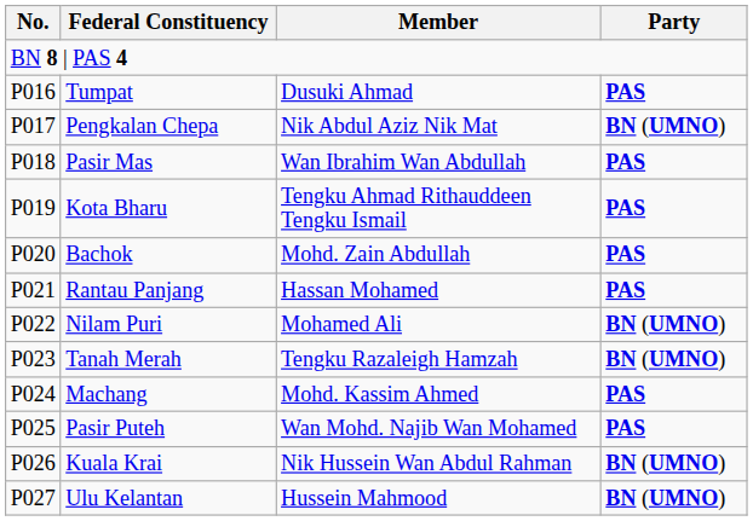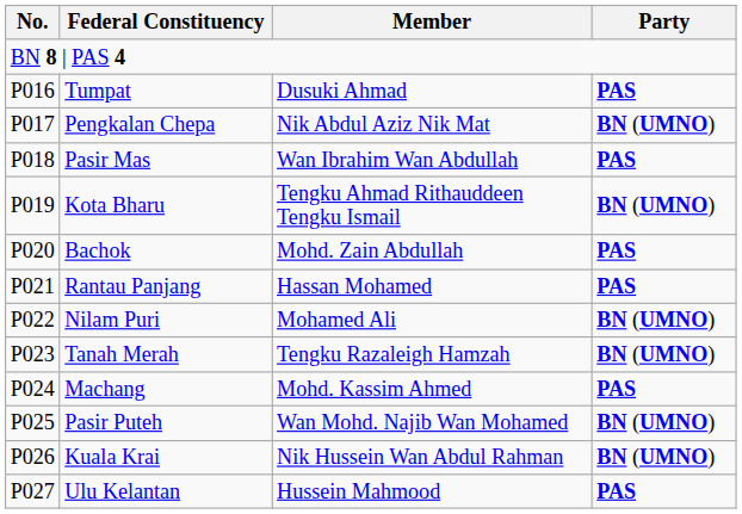 <table class="wikitable sortable">
 <tr>
 <th style="width:30px;">No.</th>
 <th style="width:150px;">Federal Constituency</th>
 <th style="width:230px;">Member</th>
 <th style="width:100px;">Party</th>
 </tr>
 <tr>
 <td colspan="4"><a href='#'>BN</a> <strong>8</strong> | <a href='#'>PAS</a> <strong>4</strong></td>
 </tr>
 <tr>
 <td>P016</td>
 <td><a href='#'>Tumpat</a></td>
 <td><a href='#'>Dusuki Ahmad</a></td>
 <td><strong><a href='#'>PAS</a></strong></td>
 </tr>
 <tr>
 <td>P017</td>
 <td><a href='#'>Pengkalan Chepa</a></td>
 <td><a href='#'>Nik Abdul Aziz Nik Mat</a></td>
 <td><strong><a href='#'>BN</a></strong> (<strong><a href='#'>UMNO</a></strong>)</td>
 </tr>
 <tr>
 <td>P018</td>
 <td><a href='#'>Pasir Mas</a></td>
 <td><a href='#'>Wan Ibrahim Wan Abdullah</a></td>
 <td><strong><a href='#'>PAS</a></strong></td>
 </tr>
 <tr>
 <td>P019</td>
 <td><a href='#'>Kota Bharu</a></td>
 <td><a href='#'>Tengku Ahmad Rithauddeen Tengku Ismail</a></td>
-<td><strong><a href='#'>PAS</a></strong></td>
+<td><strong><a href='#'>BN</a></strong> (<strong><a href='#'>UMNO</a></strong>)</td>
 </tr>
 <tr>
 <td>P020</td>
 <td><a href='#'>Bachok</a></td>
 <td><a href='#'>Mohd. Zain Abdullah</a></td>
 <td><strong><a href='#'>PAS</a></strong></td>
 </tr>
 <tr>
 <td>P021</td>
 <td><a href='#'>Rantau Panjang</a></td>
 <td><a href='#'>Hassan Mohamed</a></td>
 <td><strong><a href='#'>PAS</a></strong></td>
 </tr>
 <tr>
 <td>P022</td>
 <td><a href='#'>Nilam Puri</a></td>
 <td><a href='#'>Mohamed Ali</a></td>
 <td><strong><a href='#'>BN</a></strong> (<strong><a href='#'>UMNO</a></strong>)</td>
 </tr>
 <tr>
 <td>P023</td>
 <td><a href='#'>Tanah Merah</a></td>
 <td><a href='#'>Tengku Razaleigh Hamzah</a></td>
 <td><strong><a href='#'>BN</a></strong> (<strong><a href='#'>UMNO</a></strong>)</td>
 </tr>
 <tr>
 <td>P024</td>
 <td><a href='#'>Machang</a></td>
 <td><a href='#'>Mohd. Kassim Ahmed</a></td>
 <td><strong><a href='#'>PAS</a></strong></td>
 </tr>
 <tr>
 <td>P025</td>
 <td><a href='#'>Pasir Puteh</a></td>
 <td><a href='#'>Wan Mohd. Najib Wan Mohamed</a></td>
-<td><strong><a href='#'>PAS</a></strong></td>
+<td><strong><a href='#'>BN</a></strong> (<strong><a href='#'>UMNO</a></strong>)</td>
 </tr>
 <tr>
 <td>P026</td>
 <td><a href='#'>Kuala Krai</a></td>
 <td><a href='#'>Nik Hussein Wan Abdul Rahman</a></td>
 <td><strong><a href='#'>BN</a></strong> (<strong><a href='#'>UMNO</a></strong>)</td>
 </tr>
 <tr>
 <td>P027</td>
 <td><a href='#'>Ulu Kelantan</a></td>
 <td><a href='#'>Hussein Mahmood</a></td>
-<td><strong><a href='#'>BN</a></strong> (<strong><a href='#'>UMNO</a></strong>)</td>
+<td><strong><a href='#'>PAS</a></strong></td>
 </tr>
 </table>
